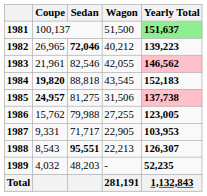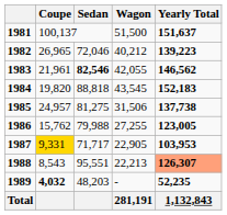 <table class="wikitable">
 <tr>
 <th></th>
 <th>Coupe</th>
 <th>Sedan</th>
 <th>Wagon</th>
 <th>Yearly Total</th>
 </tr>
 <tr>
 <td><strong>1981</strong></td>
 <td colspan="2">100,137</td>
 <td>51,500</td>
-<td style="background: lightgreen;"><strong>151,637</strong></td>
+<td><strong>151,637</strong></td>
 </tr>
 <tr>
 <td><strong>1982</strong></td>
 <td>26,965</td>
-<td><strong>72,046</strong></td>
+<td>72,046</td>
 <td>40,212</td>
 <td><strong>139,223</strong></td>
 </tr>
 <tr>
 <td><strong>1983</strong></td>
 <td>21,961</td>
-<td>82,546</td>
+<td><strong>82,546</strong></td>
 <td>42,055</td>
-<td style="background: pink;"><strong>146,562</strong></td>
+<td><strong>146,562</strong></td>
 </tr>
 <tr>
 <td><strong>1984</strong></td>
-<td><strong>19,820</strong></td>
+<td>19,820</td>
 <td>88,818</td>
 <td>43,545</td>
 <td><strong>152,183</strong></td>
 </tr>
 <tr>
 <td><strong>1985</strong></td>
-<td><strong>24,957</strong></td>
+<td>24,957</td>
 <td>81,275</td>
 <td>31,506</td>
-<td style="background: pink;"><strong>137,738</strong></td>
+<td><strong>137,738</strong></td>
 </tr>
 <tr>
 <td><strong>1986</strong></td>
 <td>15,762</td>
 <td>79,988</td>
 <td>27,255</td>
 <td><strong>123,005</strong></td>
 </tr>
 <tr>
 <td><strong>1987</strong></td>
-<td>9,331</td>
+<td style="background: gold;">9,331</td>
 <td>71,717</td>
 <td>22,905</td>
 <td><strong>103,953</strong></td>
 </tr>
 <tr>
 <td><strong>1988</strong></td>
 <td>8,543</td>
-<td><strong>95,551</strong></td>
+<td>95,551</td>
 <td>22,213</td>
-<td><strong>126,307</strong></td>
+<td style="background: lightsalmon;"><strong>126,307</strong></td>
 </tr>
 <tr>
 <td><strong>1989</strong></td>
-<td>4,032</td>
+<td><strong>4,032</strong></td>
 <td>48,203</td>
 <td>-</td>
 <td><strong>52,235</strong></td>
 </tr>
 <tr>
 <th>Total</th>
 <th></th>
 <th></th>
 <th>281,191</th>
 <th><u>1,132,843</u></th>
 </tr>
 </table>
